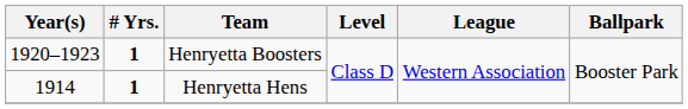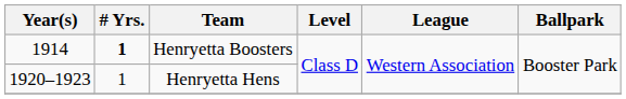 <table class="wikitable" style="text-align:center; font-size: 95%;">
 <tr>
 <th>Year(s)</th>
 <th># Yrs.</th>
 <th>Team</th>
 <th>Level</th>
 <th>League</th>
 <th>Ballpark</th>
 </tr>
 <tr>
-<td>1920–1923</td>
+<td>1914</td>
 <td><strong>1</strong></td>
 <td>Henryetta Boosters</td>
 <td rowspan=2><a href='#'>Class D</a></td>
 <td rowspan=2><a href='#'>Western Association</a></td>
 <td rowspan=2>Booster Park</td>
 </tr>
 <tr>
-<td>1914</td>
-<td><strong>1</strong></td>
+<td>1920–1923</td>
+<td>1</td>
 <td>Henryetta Hens</td>
 </tr>
 <tr>
 </tr>
 </table>
